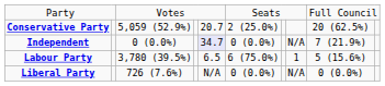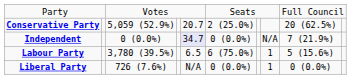 <table class=wikitable style="text-align:center;">
 <tr>
 <td colspan=2>Party</td>
 <td colspan=3>Votes</td>
 <td colspan=3>Seats</td>
 <td colspan=3>Full Council</td>
 </tr>
 <tr>
 <td><strong><a href='#'>Conservative Party</a></strong></td>
 <td style="background:"></td>
 <td>5,059 (52.9%)</td>
 <td></td>
 <td> 20.7</td>
 <td>2 (25.0%)</td>
 <td></td>
 <td></td>
 <td>20 (62.5%)</td>
 <td></td>
 </tr>
 <tr>
 <td><strong><a href='#'>Independent</a></strong></td>
 <td style="background:"></td>
 <td>0 (0.0%)</td>
 <td></td>
 <td style="background: lavender;"> 34.7</td>
 <td>0 (0.0%)</td>
 <td></td>
 <td>N/A</td>
 <td>7 (21.9%)</td>
 <td></td>
 </tr>
 <tr>
 <td><strong><a href='#'>Labour Party</a></strong></td>
 <td style="background:"></td>
 <td>3,780 (39.5%)</td>
 <td></td>
 <td> 6.5</td>
 <td>6 (75.0%)</td>
 <td></td>
 <td> 1</td>
 <td>5 (15.6%)</td>
 <td></td>
 </tr>
 <tr>
 <td><strong><a href='#'>Liberal Party</a></strong></td>
 <td style="background:"></td>
 <td>726 (7.6%)</td>
 <td></td>
 <td>N/A</td>
 <td>0 (0.0%)</td>
 <td></td>
-<td>N/A</td>
+<td> 1</td>
 <td>0 (0.0%)</td>
 <td></td>
 </tr>
 </table>
